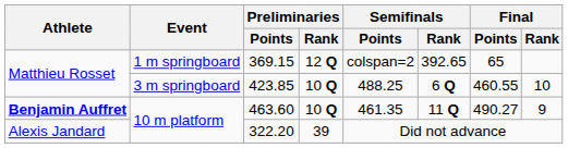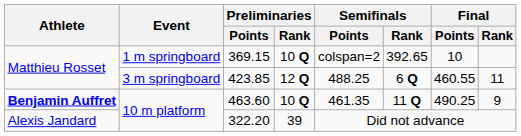 <table class=wikitable style="font-size:90%;">
 <tr>
 <th rowspan="2">Athlete</th>
 <th rowspan="2">Event</th>
 <th colspan="2">Preliminaries</th>
 <th colspan="2">Semifinals</th>
 <th colspan="2">Final</th>
 </tr>
 <tr style="font-size:95%">
 <th>Points</th>
 <th>Rank</th>
 <th>Points</th>
 <th>Rank</th>
 <th>Points</th>
 <th>Rank</th>
 </tr>
 <tr align=center>
 <td align=left rowspan=2><a href='#'>Matthieu Rosset</a></td>
 <td align=left><a href='#'>1 m springboard</a></td>
 <td>369.15</td>
-<td>12 <strong>Q</strong></td>
+<td>10 <strong>Q</strong></td>
 <td>colspan=2 </td>
 <td>392.65</td>
-<td>65</td>
+<td>10</td>
 </tr>
 <tr align=center>
 <td align=left><a href='#'>3 m springboard</a></td>
 <td>423.85</td>
-<td>10 <strong>Q</strong></td>
+<td>12 <strong>Q</strong></td>
 <td>488.25</td>
 <td>6 <strong>Q</strong></td>
 <td>460.55</td>
-<td>10</td>
+<td>11</td>
 </tr>
 <tr align=center>
 <td align=left><strong><a href='#'>Benjamin Auffret</a></strong></td>
 <td align=left rowspan=2><a href='#'>10 m platform</a></td>
 <td>463.60</td>
 <td>10 <strong>Q</strong></td>
 <td>461.35</td>
 <td>11 <strong>Q</strong></td>
-<td>490.27</td>
+<td>490.25</td>
 <td>9</td>
 </tr>
 <tr align=center>
 <td align=left><a href='#'>Alexis Jandard</a></td>
 <td>322.20</td>
 <td>39</td>
 <td colspan=4>Did not advance</td>
 </tr>
 </table>
